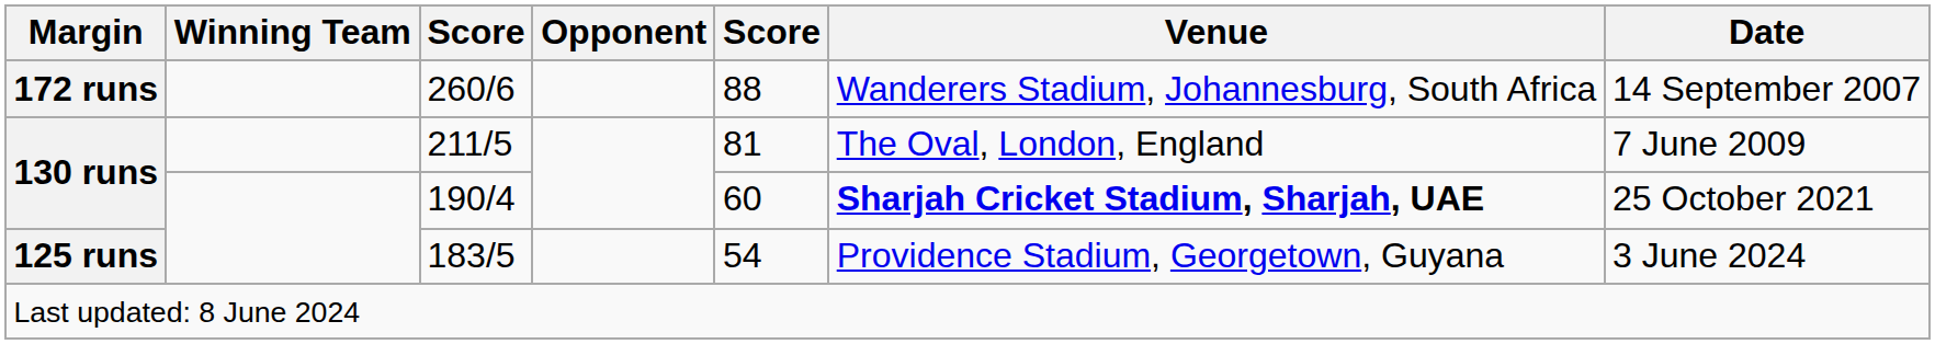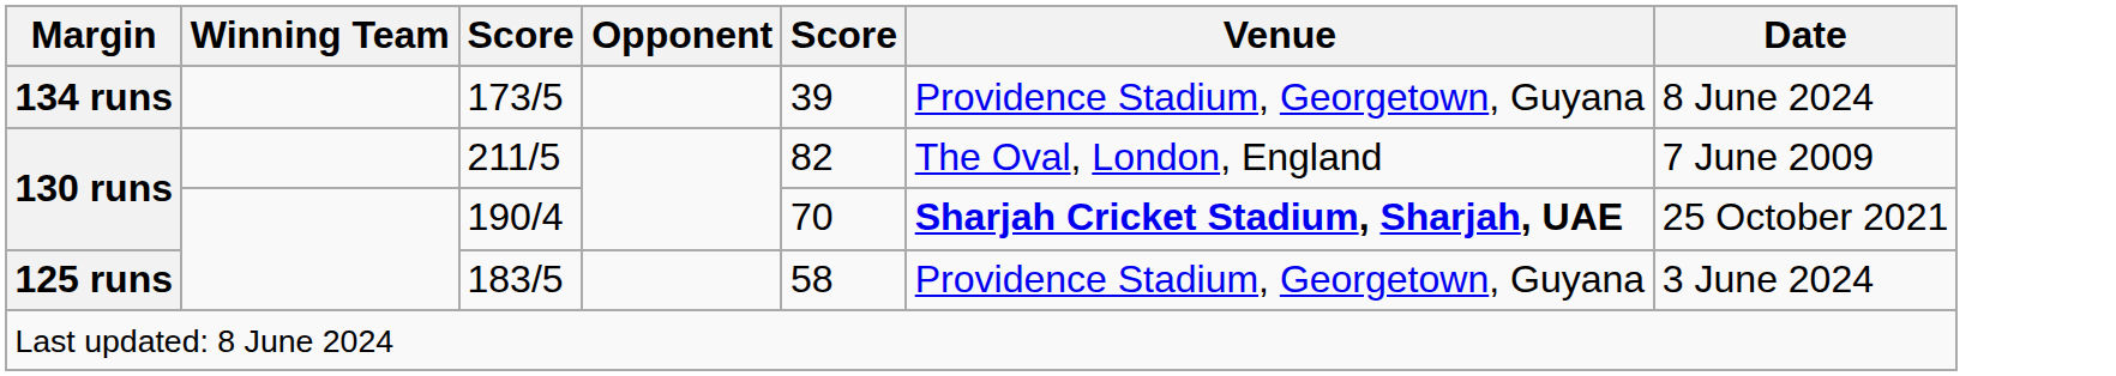 <table class="wikitable sortable" style="text-align:left;">
 <tr>
 <th>Margin</th>
 <th>Winning Team</th>
 <th>Score</th>
 <th>Opponent</th>
 <th>Score</th>
 <th>Venue</th>
 <th>Date</th>
 </tr>
 <tr>
-<th>172 runs</th>
+<th>134 runs</th>
 <td></td>
-<td>260/6</td>
+<td>173/5</td>
 <td></td>
-<td>88</td>
-<td><a href='#'>Wanderers Stadium</a>, <a href='#'>Johannesburg</a>, South Africa</td>
-<td>14 September 2007</td>
+<td>39</td>
+<td><a href='#'>Providence Stadium</a>, <a href='#'>Georgetown</a>, Guyana</td>
+<td>8 June 2024</td>
 </tr>
 <tr>
 <th rowspan=2>130 runs</th>
 <td></td>
 <td>211/5</td>
 <td rowspan=2></td>
-<td>81</td>
+<td>82</td>
 <td><a href='#'>The Oval</a>, <a href='#'>London</a>, England</td>
 <td>7 June 2009</td>
 </tr>
 <tr>
 <td rowspan=2></td>
 <td>190/4</td>
-<td>60</td>
+<td>70</td>
 <td><strong><a href='#'>Sharjah Cricket Stadium</a>, <a href='#'>Sharjah</a>, UAE</strong></td>
 <td>25 October 2021</td>
 </tr>
 <tr>
 <th>125 runs</th>
 <td>183/5</td>
 <td></td>
-<td>54</td>
+<td>58</td>
 <td><a href='#'>Providence Stadium</a>, <a href='#'>Georgetown</a>, Guyana</td>
 <td>3 June 2024</td>
 </tr>
 <tr>
 <td colspan="7"><small>Last updated: 8 June 2024</small></td>
 </tr>
 </table>
